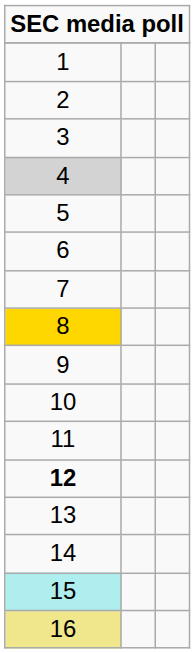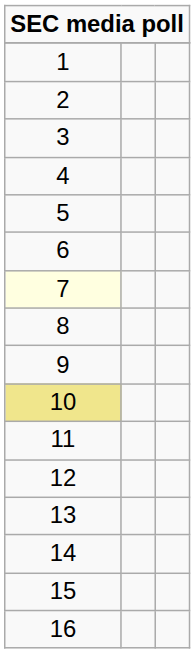 <table class="wikitable" style="display: inline-table;">
 <tr>
 <td align="center" Colspan="3"><strong>SEC media poll</strong></td>
 </tr>
 <tr align="center">
 </tr>
 <tr align="center">
 <td>1</td>
 <td></td>
 <td></td>
 </tr>
 <tr align="center">
 <td>2</td>
 <td></td>
 <td></td>
 </tr>
 <tr align="center">
 <td>3</td>
 <td></td>
 <td></td>
 </tr>
 <tr align="center">
-<td style="background: lightgrey;">4</td>
+<td>4</td>
 <td></td>
 <td></td>
 </tr>
 <tr align="center">
 <td>5</td>
 <td></td>
 <td></td>
 </tr>
 <tr align="center">
 <td>6</td>
 <td></td>
 <td></td>
 </tr>
 <tr align="center">
-<td>7</td>
+<td style="background: lightyellow;">7</td>
 <td></td>
 <td></td>
 </tr>
 <tr align="center">
-<td style="background: gold;">8</td>
+<td>8</td>
 <td></td>
 <td></td>
 </tr>
 <tr align="center">
 <td>9</td>
 <td></td>
 <td></td>
 </tr>
 <tr align="center">
-<td>10</td>
+<td style="background: khaki;">10</td>
 <td></td>
 <td></td>
 </tr>
 <tr align="center">
 <td>11</td>
 <td></td>
 <td></td>
 </tr>
 <tr align="center">
-<td><strong>12</strong></td>
+<td>12</td>
 <td></td>
 <td></td>
 </tr>
 <tr align="center">
 <td>13</td>
 <td></td>
 <td></td>
 </tr>
 <tr align="center">
 <td>14</td>
 <td></td>
 <td></td>
 </tr>
 <tr align="center">
-<td style="background: paleturquoise;">15</td>
+<td>15</td>
 <td></td>
 <td></td>
 </tr>
 <tr align="center">
-<td style="background: khaki;">16</td>
+<td>16</td>
 <td></td>
 <td></td>
 </tr>
 </table>
